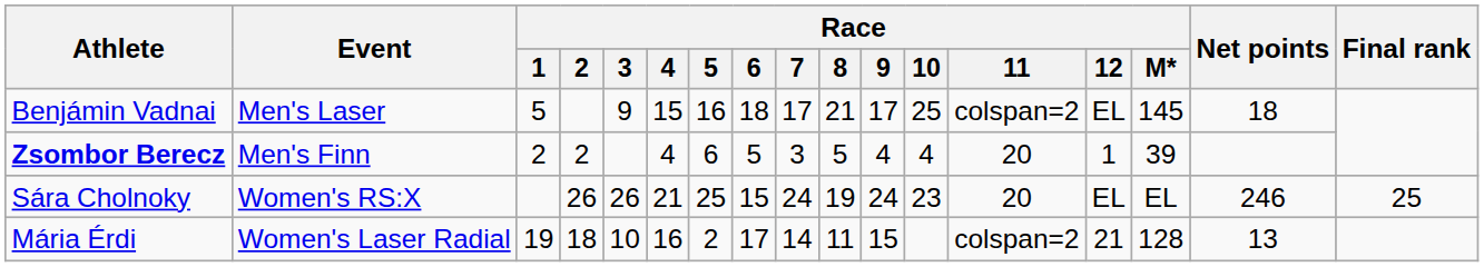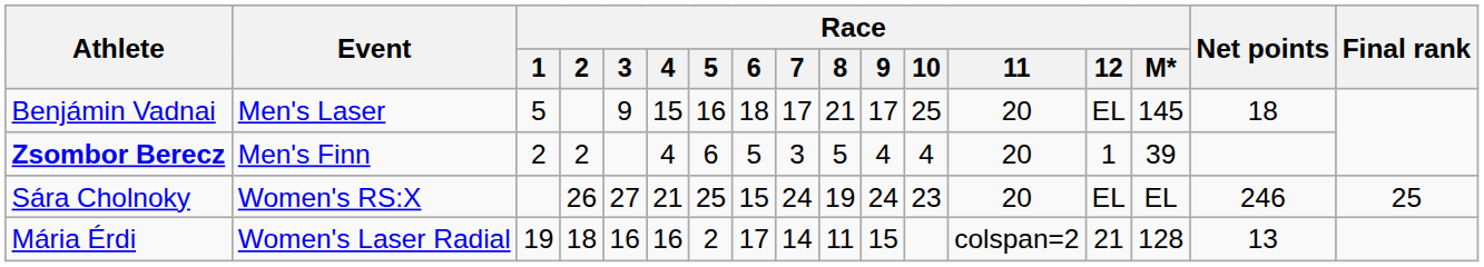 <table class="wikitable" style="font-size:90%">
 <tr>
 <th rowspan="2">Athlete</th>
 <th rowspan="2">Event</th>
 <th colspan=13>Race</th>
 <th rowspan=2>Net points</th>
 <th rowspan=2>Final rank</th>
 </tr>
 <tr style="font-size:95%">
 <th>1</th>
 <th>2</th>
 <th>3</th>
 <th>4</th>
 <th>5</th>
 <th>6</th>
 <th>7</th>
 <th>8</th>
 <th>9</th>
 <th>10</th>
 <th>11</th>
 <th>12</th>
 <th>M*</th>
 </tr>
 <tr align=center>
 <td align=left><a href='#'>Benjámin Vadnai</a></td>
 <td align=left><a href='#'>Men's Laser</a></td>
 <td>5</td>
 <td></td>
 <td>9</td>
 <td>15</td>
 <td>16</td>
 <td>18</td>
 <td>17</td>
 <td>21</td>
 <td>17</td>
 <td>25</td>
-<td>colspan=2 </td>
+<td>20</td>
 <td>EL</td>
 <td>145</td>
 <td>18</td>
 </tr>
 <tr align=center>
 <td align=left><strong><a href='#'>Zsombor Berecz</a></strong></td>
 <td align=left><a href='#'>Men's Finn</a></td>
 <td>2</td>
 <td>2</td>
 <td></td>
 <td>4</td>
 <td>6</td>
 <td>5</td>
 <td>3</td>
 <td>5</td>
 <td>4</td>
 <td>4</td>
 <td>20</td>
 <td>1</td>
 <td>39</td>
 <td></td>
 </tr>
 <tr align=center>
 <td align=left><a href='#'>Sára Cholnoky</a></td>
 <td align=left><a href='#'>Women's RS:X</a></td>
 <td></td>
 <td>26</td>
-<td>26</td>
+<td>27</td>
 <td>21</td>
 <td>25</td>
 <td>15</td>
 <td>24</td>
 <td>19</td>
 <td>24</td>
 <td>23</td>
 <td>20</td>
 <td>EL</td>
 <td>EL</td>
 <td>246</td>
 <td>25</td>
 </tr>
 <tr align=center>
 <td align=left><a href='#'>Mária Érdi</a></td>
 <td align=left><a href='#'>Women's Laser Radial</a></td>
 <td>19</td>
 <td>18</td>
-<td>10</td>
+<td>16</td>
 <td>16</td>
 <td>2</td>
 <td>17</td>
 <td>14</td>
 <td>11</td>
 <td>15</td>
 <td></td>
 <td>colspan=2 </td>
 <td>21</td>
 <td>128</td>
 <td>13</td>
 </tr>
 </table>
